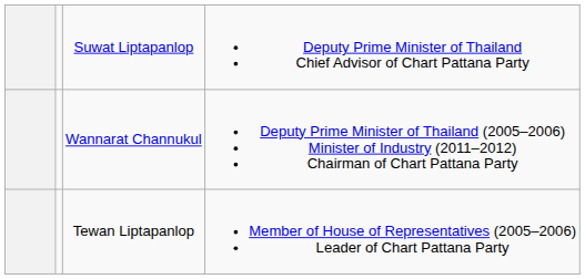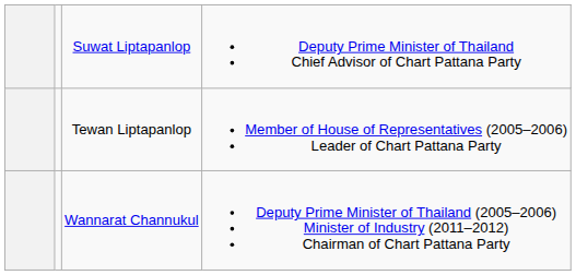 <table class="wikitable" style="font-size:90%; text-align:center;">
 <tr>
 <th style="width:3em; font-size:; background:"></th>
 <td></td>
 <td><a href='#'>Suwat Liptapanlop</a></td>
 <td><br><ul><li><a href='#'>Deputy Prime Minister of Thailand</a> </li><li>Chief Advisor of Chart Pattana Party</li></ul></td>
 </tr>
 <tr>
 <th style="width:3em; font-size:; background:"></th>
 <td></td>
-<td><a href='#'>Wannarat Channukul</a></td>
-<td><br><ul><li><a href='#'>Deputy Prime Minister of Thailand</a> (2005–2006)</li><li><a href='#'>Minister of Industry</a> (2011–2012)</li><li>Chairman of Chart Pattana Party</li></ul></td>
+<td>Tewan Liptapanlop</td>
+<td><br><ul><li><a href='#'>Member of House of Representatives</a> (2005–2006)</li><li>Leader of Chart Pattana Party</li></ul></td>
 </tr>
 <tr>
 <th style="width:3em; font-size:; background:"></th>
 <td></td>
-<td>Tewan Liptapanlop</td>
-<td><br><ul><li><a href='#'>Member of House of Representatives</a> (2005–2006)</li><li>Leader of Chart Pattana Party</li></ul></td>
+<td><a href='#'>Wannarat Channukul</a></td>
+<td><br><ul><li><a href='#'>Deputy Prime Minister of Thailand</a> (2005–2006)</li><li><a href='#'>Minister of Industry</a> (2011–2012)</li><li>Chairman of Chart Pattana Party</li></ul></td>
 </tr>
 </table>
